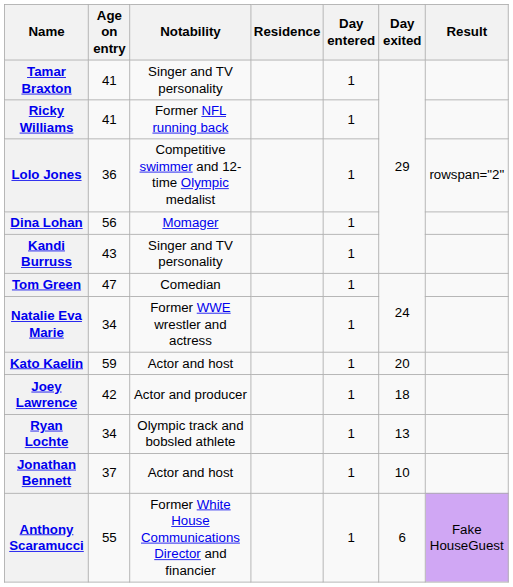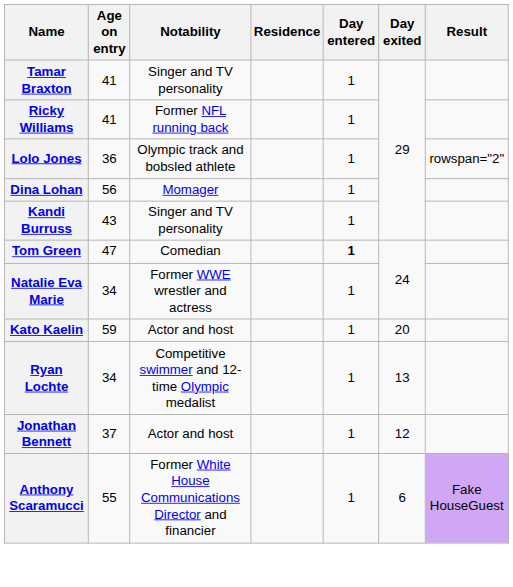 <table class="wikitable sortable" style="text-align:center; line-height:20px; width:auto;" >
 <tr>
 <th scope="col">Name</th>
 <th scope="col">Age on entry</th>
 <th scope="col" class="unsortable">Notability</th>
 <th scope="col" class="unsortable">Residence</th>
 <th scope="col">Day entered</th>
 <th scope="col">Day exited</th>
 <th scope="col" class="unsortable">Result</th>
 </tr>
 <tr>
 <th scope="row"><a href='#'>Tamar Braxton</a></th>
 <td>41</td>
 <td>Singer and TV personality</td>
 <td></td>
 <td>1</td>
 <td rowspan="5">29</td>
 <td></td>
 </tr>
 <tr>
 <th scope="row"><a href='#'>Ricky Williams</a></th>
 <td>41</td>
 <td>Former <a href='#'>NFL</a> <a href='#'>running back</a></td>
 <td></td>
 <td>1</td>
 <td></td>
 </tr>
 <tr>
 <th scope="row"><a href='#'>Lolo Jones</a></th>
 <td>36</td>
-<td>Competitive <a href='#'>swimmer</a> and 12-time <a href='#'>Olympic</a> medalist</td>
+<td>Olympic track and bobsled athlete</td>
 <td></td>
 <td>1</td>
 <td>rowspan="2" </td>
 </tr>
 <tr>
 <th scope="row"><a href='#'>Dina Lohan</a></th>
 <td>56</td>
 <td><a href='#'>Momager</a></td>
 <td></td>
 <td>1</td>
 </tr>
 <tr>
 <th scope="row"><a href='#'>Kandi Burruss</a></th>
 <td>43</td>
 <td>Singer and TV personality</td>
 <td></td>
 <td>1</td>
 <td></td>
 </tr>
 <tr>
 <th scope="row"><a href='#'>Tom Green</a></th>
 <td>47</td>
 <td>Comedian</td>
 <td></td>
-<td>1</td>
+<td><strong>1</strong></td>
 <td rowspan="2">24</td>
 <td></td>
 </tr>
 <tr>
 <th scope="row"><a href='#'>Natalie Eva Marie</a></th>
 <td>34</td>
 <td>Former <a href='#'>WWE</a> wrestler and actress</td>
 <td></td>
 <td>1</td>
 <td></td>
 </tr>
 <tr>
 <th scope="row"><a href='#'>Kato Kaelin</a></th>
 <td>59</td>
 <td>Actor and host</td>
 <td></td>
 <td>1</td>
 <td>20</td>
 <td></td>
 </tr>
 <tr>
-<th scope="row"><a href='#'>Joey Lawrence</a></th>
-<td>42</td>
-<td>Actor and producer</td>
-<td></td>
-<td>1</td>
-<td>18</td>
-<td></td>
-</tr>
-<tr>
 <th scope="row"><a href='#'>Ryan Lochte</a></th>
 <td>34</td>
-<td>Olympic track and bobsled athlete</td>
+<td>Competitive <a href='#'>swimmer</a> and 12-time <a href='#'>Olympic</a> medalist</td>
 <td></td>
 <td>1</td>
 <td>13</td>
 <td></td>
 </tr>
 <tr>
 <th scope="row"><a href='#'>Jonathan Bennett</a></th>
 <td>37</td>
 <td>Actor and host</td>
 <td nowrap></td>
 <td>1</td>
-<td>10</td>
+<td>12</td>
 <td></td>
 </tr>
 <tr>
 <th scope="row"><a href='#'>Anthony Scaramucci</a></th>
 <td>55</td>
 <td>Former <a href='#'>White House Communications Director</a> and financier </td>
 <td></td>
 <td>1</td>
 <td>6</td>
 <td align="center" style="background:#D0A7F4">Fake HouseGuest<br></td>
 </tr>
 </table>
